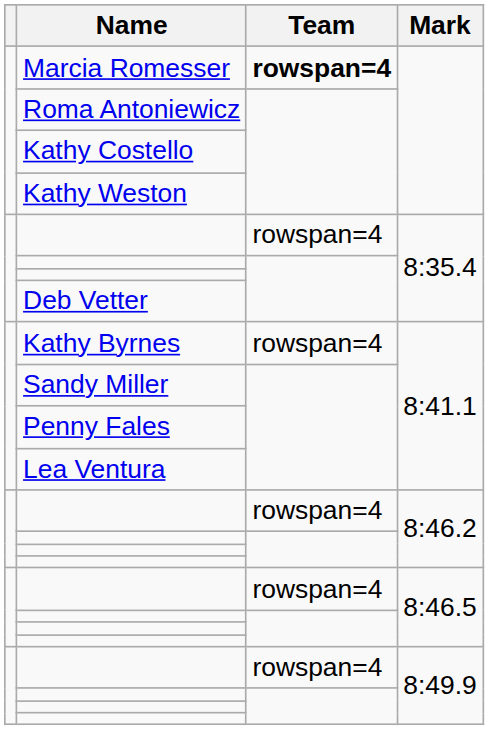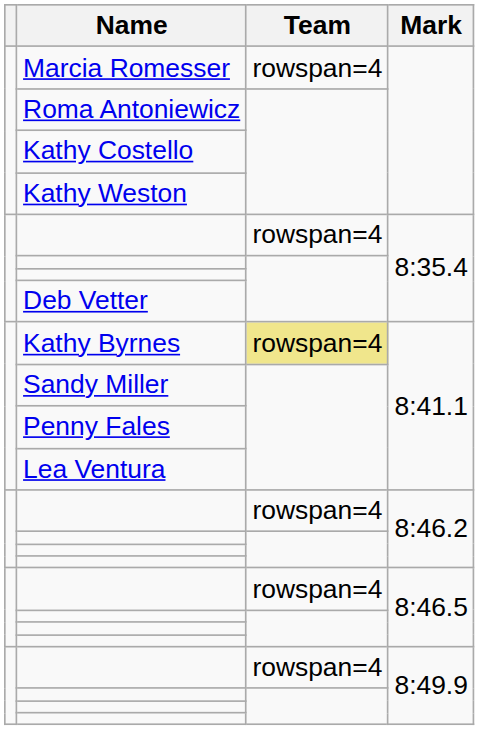 <table class=wikitable>
 <tr>
 <th></th>
 <th>Name</th>
 <th>Team</th>
 <th>Mark</th>
 </tr>
 <tr>
 <td rowspan=4></td>
 <td><a href='#'>Marcia Romesser</a></td>
-<td><strong>rowspan=4 </strong></td>
+<td>rowspan=4 </td>
 <td rowspan=4></td>
 </tr>
 <tr>
 <td><a href='#'>Roma Antoniewicz</a></td>
 </tr>
 <tr>
 <td><a href='#'>Kathy Costello</a></td>
 </tr>
 <tr>
 <td><a href='#'>Kathy Weston</a></td>
 </tr>
 <tr>
 <td rowspan=4></td>
 <td></td>
 <td>rowspan=4 </td>
 <td rowspan=4>8:35.4</td>
 </tr>
 <tr>
 <td></td>
 </tr>
 <tr>
 <td></td>
 </tr>
 <tr>
 <td><a href='#'>Deb Vetter</a></td>
 </tr>
 <tr>
 <td rowspan=4></td>
 <td><a href='#'>Kathy Byrnes</a></td>
-<td>rowspan=4 </td>
+<td style="background: khaki;">rowspan=4 </td>
 <td rowspan=4>8:41.1</td>
 </tr>
 <tr>
 <td><a href='#'>Sandy Miller</a></td>
 </tr>
 <tr>
 <td><a href='#'>Penny Fales</a></td>
 </tr>
 <tr>
 <td><a href='#'>Lea Ventura</a></td>
 </tr>
 <tr>
 <td rowspan=4></td>
 <td></td>
 <td>rowspan=4 </td>
 <td rowspan=4>8:46.2</td>
 </tr>
 <tr>
 <td></td>
 </tr>
 <tr>
 <td></td>
 </tr>
 <tr>
 <td></td>
 </tr>
 <tr>
 <td rowspan=4></td>
 <td></td>
 <td>rowspan=4 </td>
 <td rowspan=4>8:46.5</td>
 </tr>
 <tr>
 <td></td>
 </tr>
 <tr>
 <td></td>
 </tr>
 <tr>
 <td></td>
 </tr>
 <tr>
 <td rowspan=4></td>
 <td></td>
 <td>rowspan=4 </td>
 <td rowspan=4>8:49.9</td>
 </tr>
 <tr>
 <td></td>
 </tr>
 <tr>
 <td></td>
 </tr>
 <tr>
 <td></td>
 </tr>
 </table>
